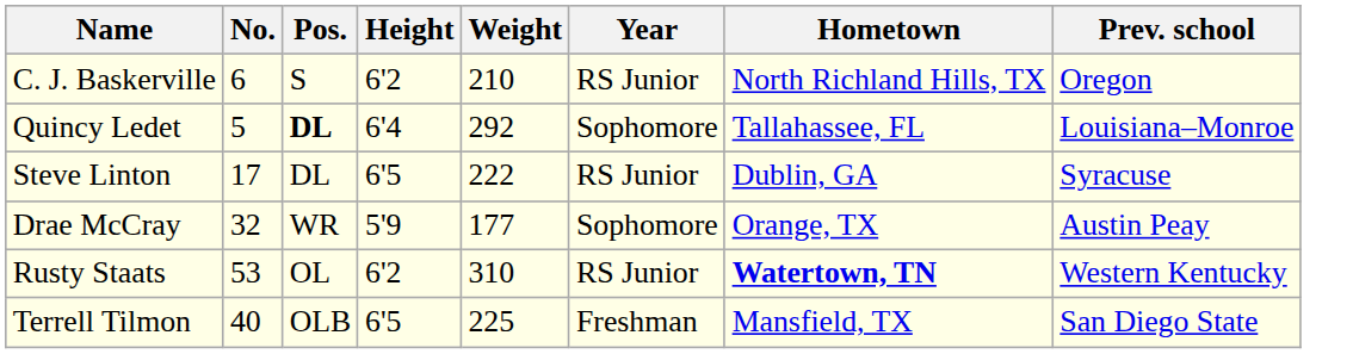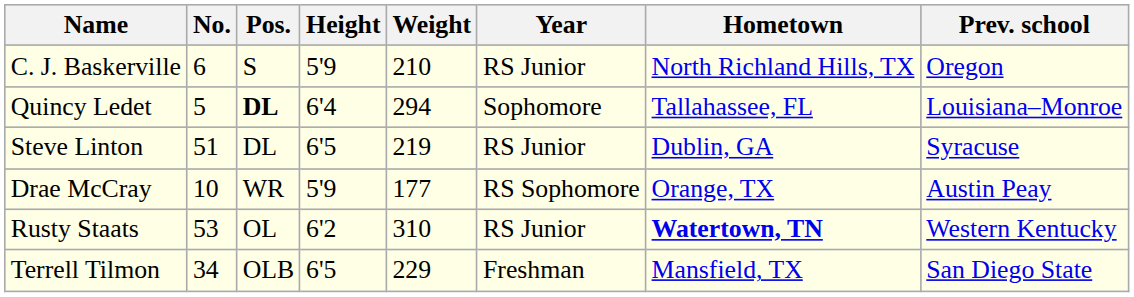 <table class="wikitable sortable">
 <tr>
 <th>Name</th>
 <th>No.</th>
 <th>Pos.</th>
 <th>Height</th>
 <th>Weight</th>
 <th>Year</th>
 <th>Hometown</th>
 <th class="unsortable">Prev. school</th>
 </tr>
 <tr style="background:#FFFFE6;">
 <td>C. J. Baskerville</td>
 <td>6</td>
 <td>S</td>
-<td>6'2</td>
+<td>5'9</td>
 <td>210</td>
 <td>RS Junior</td>
 <td><a href='#'>North Richland Hills, TX</a></td>
 <td><a href='#'>Oregon</a></td>
 </tr>
 <tr style="background:#FFFFE6;">
 <td>Quincy Ledet</td>
 <td>5</td>
 <td><strong>DL</strong></td>
 <td>6'4</td>
-<td>292</td>
+<td>294</td>
 <td>Sophomore</td>
 <td><a href='#'>Tallahassee, FL</a></td>
 <td><a href='#'>Louisiana–Monroe</a></td>
 </tr>
 <tr style="background:#FFFFE6;">
 <td>Steve Linton</td>
-<td>17</td>
+<td>51</td>
 <td>DL</td>
 <td>6'5</td>
-<td>222</td>
+<td>219</td>
 <td>RS Junior</td>
 <td><a href='#'>Dublin, GA</a></td>
 <td><a href='#'>Syracuse</a></td>
 </tr>
 <tr style="background:#FFFFE6;">
 <td>Drae McCray</td>
-<td>32</td>
+<td>10</td>
 <td>WR</td>
 <td>5'9</td>
 <td>177</td>
-<td>Sophomore</td>
+<td>RS Sophomore</td>
 <td><a href='#'>Orange, TX</a></td>
 <td><a href='#'>Austin Peay</a></td>
 </tr>
 <tr style="background:#FFFFE6;">
 <td>Rusty Staats</td>
 <td>53</td>
 <td>OL</td>
 <td>6'2</td>
 <td>310</td>
 <td>RS Junior</td>
 <td><strong><a href='#'>Watertown, TN</a></strong></td>
 <td><a href='#'>Western Kentucky</a></td>
 </tr>
 <tr style="background:#FFFFE6;">
 <td>Terrell Tilmon</td>
-<td>40</td>
+<td>34</td>
 <td>OLB</td>
 <td>6'5</td>
-<td>225</td>
+<td>229</td>
 <td>Freshman</td>
 <td><a href='#'>Mansfield, TX</a></td>
 <td><a href='#'>San Diego State</a></td>
 </tr>
 </table>
